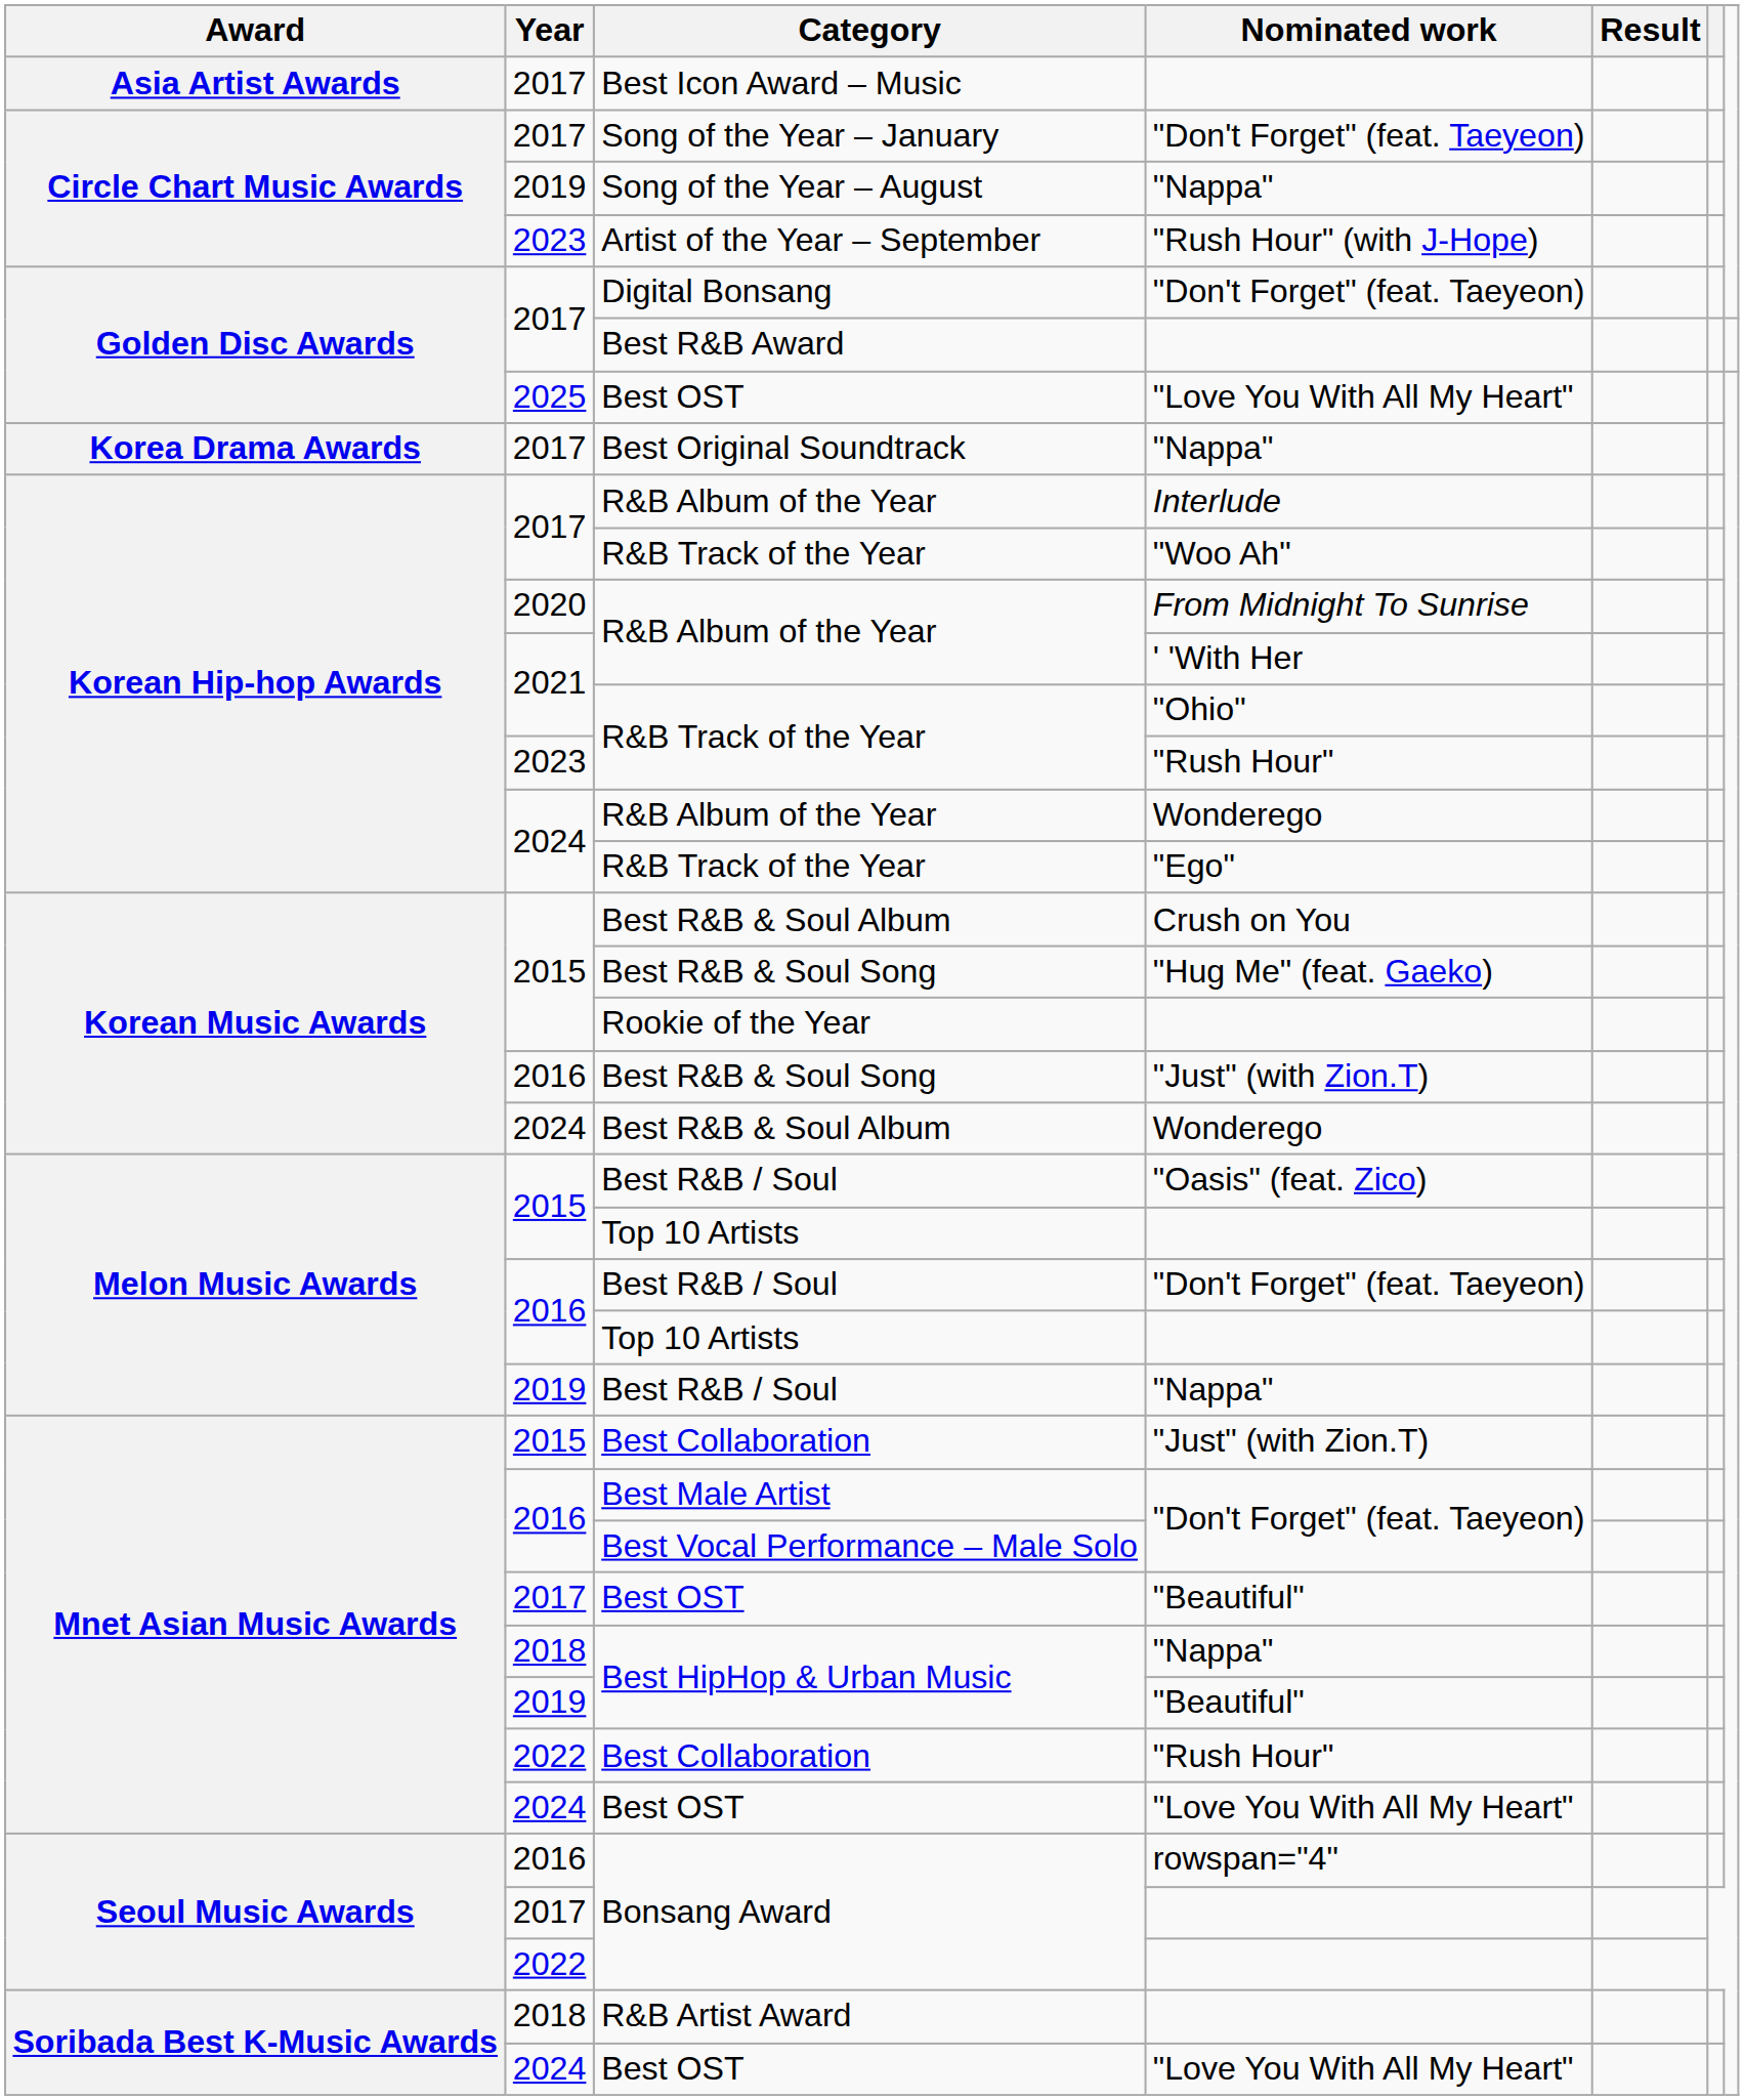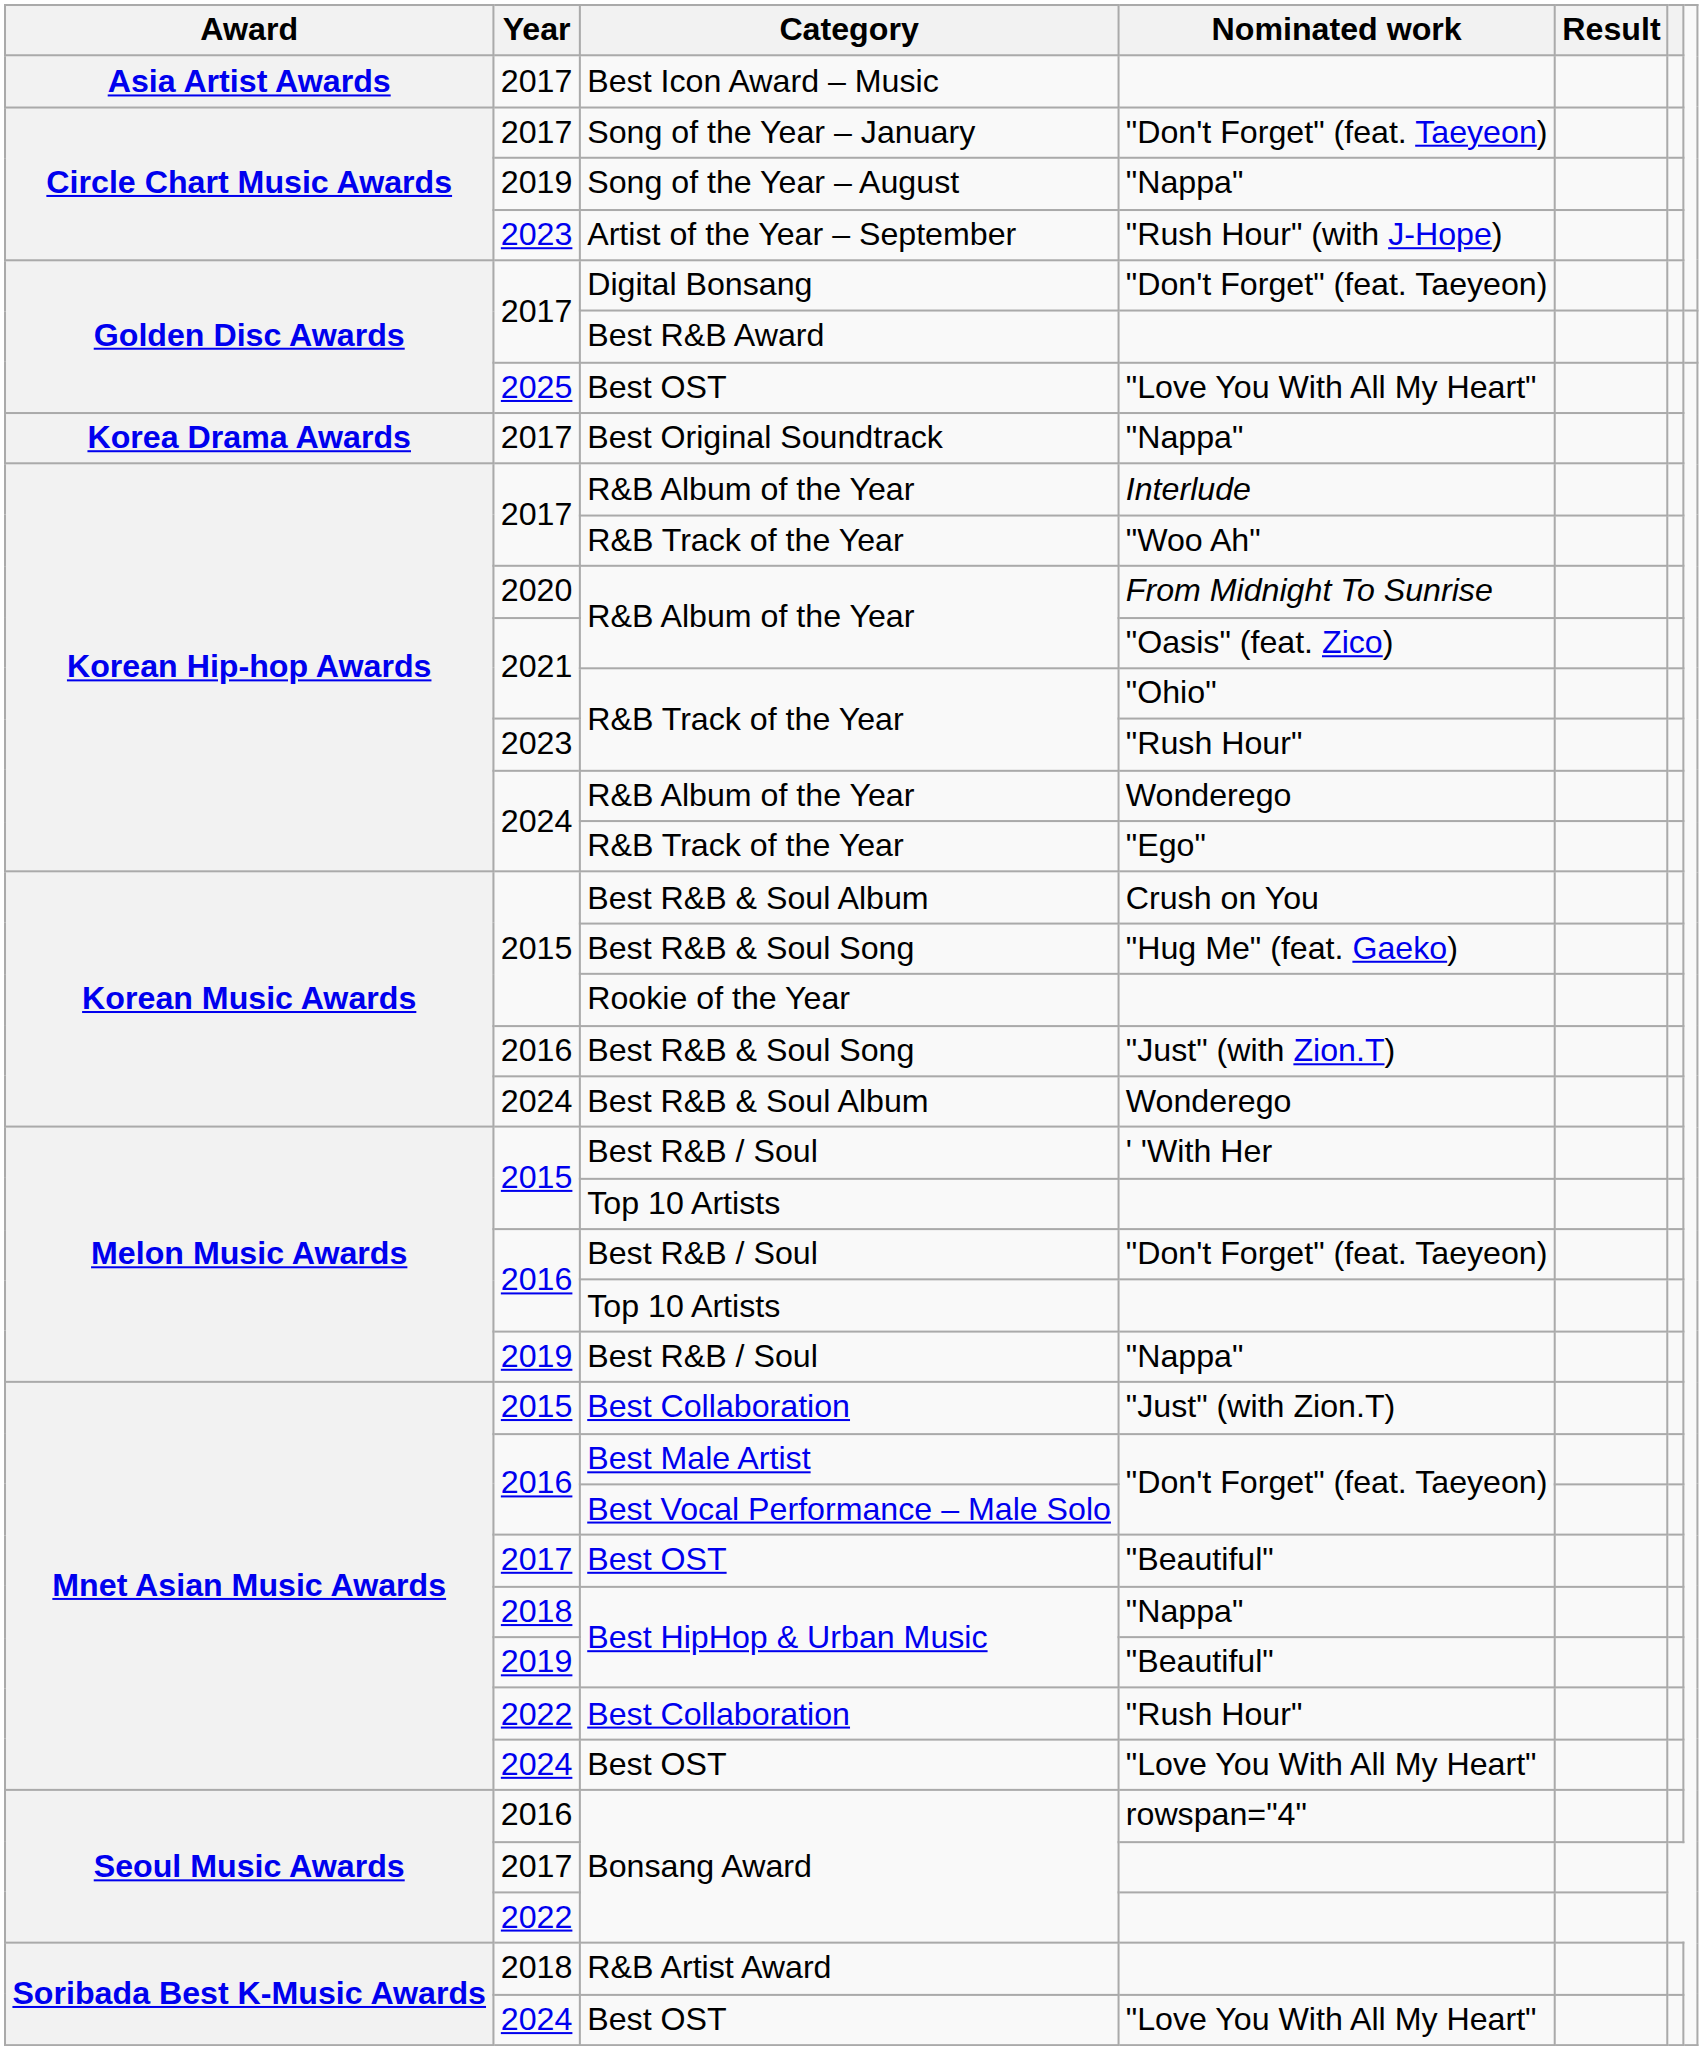 <table class="wikitable plainrowheaders">
 <tr>
 <th>Award</th>
 <th scope="col">Year</th>
 <th scope="col">Category</th>
 <th>Nominated work</th>
 <th scope="col">Result</th>
 <th scope="col" class="unsortable"></th>
 </tr>
 <tr>
 <th scope="row"><a href='#'>Asia Artist Awards</a></th>
 <td>2017</td>
 <td>Best Icon Award – Music</td>
 <td></td>
 <td></td>
 <td></td>
 </tr>
 <tr>
 <th scope="row" rowspan="3"><a href='#'>Circle Chart Music Awards</a></th>
 <td>2017</td>
 <td>Song of the Year – January</td>
 <td>"Don't Forget" (feat. <a href='#'>Taeyeon</a>)</td>
 <td></td>
 <td></td>
 </tr>
 <tr>
 <td>2019</td>
 <td>Song of the Year – August</td>
 <td>"Nappa"</td>
 <td></td>
 <td></td>
 </tr>
 <tr>
 <td><a href='#'>2023</a></td>
 <td>Artist of the Year – September</td>
 <td>"Rush Hour" (with <a href='#'>J-Hope</a>)</td>
 <td></td>
 <td></td>
 </tr>
 <tr>
 <th scope="row" rowspan="3"><a href='#'>Golden Disc Awards</a></th>
 <td rowspan="2">2017</td>
 <td>Digital Bonsang</td>
 <td>"Don't Forget" (feat. Taeyeon)</td>
 <td></td>
 <td></td>
 </tr>
 <tr>
 <td>Best R&B Award</td>
 <td></td>
 <td></td>
 <td></td>
 <td></td>
 </tr>
 <tr>
 <td><a href='#'>2025</a></td>
 <td>Best OST</td>
 <td>"Love You With All My Heart"</td>
 <td></td>
 <td></td>
 </tr>
 <tr>
 <th scope="row"><a href='#'>Korea Drama Awards</a></th>
 <td>2017</td>
 <td>Best Original Soundtrack</td>
 <td>"Nappa"</td>
 <td></td>
 <td></td>
 </tr>
 <tr>
 <th scope="row" rowspan="8"><a href='#'>Korean Hip-hop Awards</a></th>
 <td rowspan="2">2017</td>
 <td>R&B Album of the Year</td>
 <td><em>Interlude</em></td>
 <td></td>
 <td></td>
 </tr>
 <tr>
 <td>R&B Track of the Year</td>
 <td>"Woo Ah"</td>
 <td></td>
 <td></td>
 </tr>
 <tr>
 <td>2020</td>
 <td rowspan="2">R&B Album of the Year</td>
 <td><em>From Midnight To Sunrise</em></td>
 <td></td>
 <td></td>
 </tr>
 <tr>
 <td rowspan="2">2021</td>
-<td>' 'With Her<em></td>
+<td>"Oasis" (feat. <a href='#'>Zico</a>)</td>
 <td></td>
 <td></td>
 </tr>
 <tr>
 <td rowspan="2">R&B Track of the Year</td>
 <td>"Ohio"</td>
 <td></td>
 <td></td>
 </tr>
 <tr>
 <td>2023</td>
 <td>"Rush Hour"</td>
 <td></td>
 <td></td>
 </tr>
 <tr>
 <td rowspan="2">2024</td>
 <td>R&B Album of the Year</td>
 <td></em>Wonderego<em></td>
 <td></td>
 <td></td>
 </tr>
 <tr>
 <td>R&B Track of the Year</td>
 <td>"Ego"</td>
 <td></td>
 <td></td>
 </tr>
 <tr>
 <th scope="row" rowspan="5"><a href='#'>Korean Music Awards</a></th>
 <td rowspan="3">2015</td>
 <td>Best R&B & Soul Album</td>
 <td></em>Crush on You<em></td>
 <td></td>
 <td></td>
 </tr>
 <tr>
 <td>Best R&B & Soul Song</td>
 <td>"Hug Me" (feat. <a href='#'>Gaeko</a>)</td>
 <td></td>
 <td></td>
 </tr>
 <tr>
 <td>Rookie of the Year</td>
 <td></td>
 <td></td>
 <td></td>
 </tr>
 <tr>
 <td>2016</td>
 <td>Best R&B & Soul Song</td>
 <td>"Just" (with <a href='#'>Zion.T</a>)</td>
 <td></td>
 <td></td>
 </tr>
 <tr>
 <td>2024</td>
 <td>Best R&B & Soul Album</td>
 <td></em>Wonderego<em></td>
 <td></td>
 <td></td>
 </tr>
 <tr>
 <th scope="row" rowspan="5"><a href='#'>Melon Music Awards</a></th>
 <td rowspan="2"><a href='#'>2015</a></td>
 <td>Best R&B / Soul</td>
-<td>"Oasis" (feat. <a href='#'>Zico</a>)</td>
+<td>' 'With Her<em></td>
 <td></td>
 <td></td>
 </tr>
 <tr>
 <td>Top 10 Artists</td>
 <td></td>
 <td></td>
 <td></td>
 </tr>
 <tr>
 <td rowspan="2"><a href='#'>2016</a></td>
 <td>Best R&B / Soul</td>
 <td>"Don't Forget" (feat. Taeyeon)</td>
 <td></td>
 <td></td>
 </tr>
 <tr>
 <td>Top 10 Artists</td>
 <td></td>
 <td></td>
 <td></td>
 </tr>
 <tr>
 <td><a href='#'>2019</a></td>
 <td>Best R&B / Soul</td>
 <td>"Nappa"</td>
 <td></td>
 <td></td>
 </tr>
 <tr>
 <th rowspan="8" scope="row"><a href='#'>Mnet Asian Music Awards</a></th>
 <td><a href='#'>2015</a></td>
 <td><a href='#'>Best Collaboration</a></td>
 <td>"Just" (with Zion.T)</td>
 <td></td>
 <td></td>
 </tr>
 <tr>
 <td rowspan="2"><a href='#'>2016</a></td>
 <td><a href='#'>Best Male Artist</a></td>
 <td rowspan="2">"Don't Forget" (feat. Taeyeon)</td>
 <td></td>
 <td></td>
 </tr>
 <tr>
 <td><a href='#'>Best Vocal Performance – Male Solo</a></td>
 <td></td>
 <td></td>
 </tr>
 <tr>
 <td><a href='#'>2017</a></td>
 <td><a href='#'>Best OST</a></td>
 <td>"Beautiful"</td>
 <td></td>
 <td></td>
 </tr>
 <tr>
 <td><a href='#'>2018</a></td>
 <td rowspan="2"><a href='#'>Best HipHop & Urban Music</a></td>
 <td>"Nappa"</td>
 <td></td>
 <td></td>
 </tr>
 <tr>
 <td><a href='#'>2019</a></td>
 <td>"Beautiful"</td>
 <td></td>
 <td></td>
 </tr>
 <tr>
 <td><a href='#'>2022</a></td>
 <td><a href='#'>Best Collaboration</a></td>
 <td>"Rush Hour"</td>
 <td></td>
 <td></td>
 </tr>
 <tr>
 <td><a href='#'>2024</a></td>
 <td>Best OST</td>
 <td>"Love You With All My Heart"</td>
 <td></td>
 <td></td>
 </tr>
 <tr>
 <th scope="row" rowspan="3"><a href='#'>Seoul Music Awards</a></th>
 <td>2016</td>
 <td rowspan="3">Bonsang Award</td>
 <td>rowspan="4" </td>
 <td></td>
 <td></td>
 </tr>
 <tr>
 <td>2017</td>
 <td></td>
 <td></td>
 </tr>
 <tr>
 <td><a href='#'>2022</a></td>
 <td></td>
 <td></td>
 </tr>
 <tr>
 <th scope="row" rowspan="2"><a href='#'>Soribada Best K-Music Awards</a></th>
 <td>2018</td>
 <td>R&B Artist Award</td>
 <td></td>
 <td></td>
 <td></td>
 </tr>
 <tr>
 <td><a href='#'>2024</a></td>
 <td>Best OST</td>
 <td>"Love You With All My Heart"</td>
 <td></td>
 <td></td>
 </tr>
 </table>
